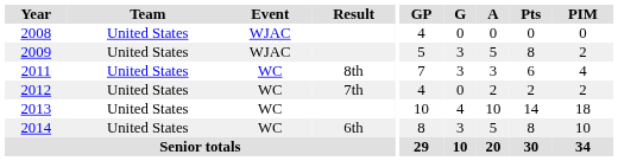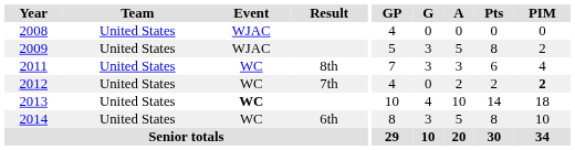 <table border="0" cellpadding="1" cellspacing="0" ID="Table3" style="text-align:center; width:40em">
 <tr ALIGN="center" bgcolor="#e0e0e0">
 <th>Year</th>
 <th>Team</th>
 <th>Event</th>
 <th>Result</th>
 <th rowspan="99" bgcolor="#ffffff"></th>
 <th>GP</th>
 <th>G</th>
 <th>A</th>
 <th>Pts</th>
 <th>PIM</th>
 </tr>
 <tr>
 <td><a href='#'>2008</a></td>
 <td><a href='#'>United States</a></td>
 <td><a href='#'>WJAC</a></td>
 <td></td>
 <td>4</td>
 <td>0</td>
 <td>0</td>
 <td>0</td>
 <td>0</td>
 </tr>
 <tr bgcolor="#f0f0f0">
 <td><a href='#'>2009</a></td>
 <td>United States</td>
 <td>WJAC</td>
 <td></td>
 <td>5</td>
 <td>3</td>
 <td>5</td>
 <td>8</td>
 <td>2</td>
 </tr>
 <tr>
 <td><a href='#'>2011</a></td>
 <td><a href='#'>United States</a></td>
 <td><a href='#'>WC</a></td>
 <td>8th</td>
 <td>7</td>
 <td>3</td>
 <td>3</td>
 <td>6</td>
 <td>4</td>
 </tr>
 <tr bgcolor="#f0f0f0">
 <td><a href='#'>2012</a></td>
 <td>United States</td>
 <td>WC</td>
 <td>7th</td>
 <td>4</td>
 <td>0</td>
 <td>2</td>
 <td>2</td>
-<td>2</td>
+<td><strong>2</strong></td>
 </tr>
 <tr>
 <td><a href='#'>2013</a></td>
 <td>United States</td>
-<td>WC</td>
+<td><strong>WC</strong></td>
 <td></td>
 <td>10</td>
 <td>4</td>
 <td>10</td>
 <td>14</td>
 <td>18</td>
 </tr>
 <tr bgcolor="#f0f0f0">
 <td><a href='#'>2014</a></td>
 <td>United States</td>
 <td>WC</td>
 <td>6th</td>
 <td>8</td>
 <td>3</td>
 <td>5</td>
 <td>8</td>
 <td>10</td>
 </tr>
 <tr bgcolor="#e0e0e0">
 <th colspan="4">Senior totals</th>
 <th>29</th>
 <th>10</th>
 <th>20</th>
 <th>30</th>
 <th>34</th>
 </tr>
 </table>
